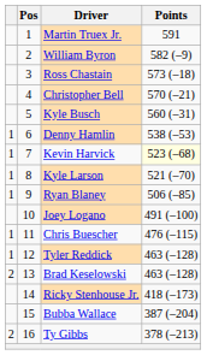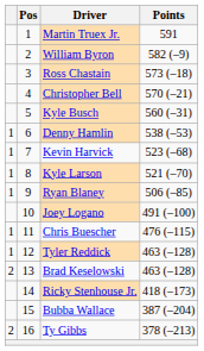 <table class="wikitable" style="font-size: 95%;">
 <tr>
 <th></th>
 <th>Pos</th>
 <th>Driver</th>
 <th>Points</th>
 </tr>
 <tr>
 <td align="left"></td>
 <td style="text-align:center;">1</td>
 <td style="background:#FFDEAD;"><a href='#'>Martin Truex Jr.</a></td>
 <td style="text-align:center;">591</td>
 </tr>
 <tr>
 <td align="left"></td>
 <td style="text-align:center;">2</td>
 <td style="background:#FFDEAD;"><a href='#'>William Byron</a></td>
 <td style="text-align:center;">582 (–9)</td>
 </tr>
 <tr>
 <td align="left"></td>
 <td style="text-align:center;">3</td>
 <td style="background:#FFDEAD;"><a href='#'>Ross Chastain</a></td>
 <td style="text-align:center;">573 (–18)</td>
 </tr>
 <tr>
 <td align="left"></td>
 <td style="text-align:center;">4</td>
 <td style="background:#FFDEAD;"><a href='#'>Christopher Bell</a></td>
 <td style="text-align:center;">570 (–21)</td>
 </tr>
 <tr>
 <td align="left"></td>
 <td style="text-align:center;">5</td>
 <td style="background:#FFDEAD;"><a href='#'>Kyle Busch</a></td>
 <td style="text-align:center;">560 (–31)</td>
 </tr>
 <tr>
 <td align="left"> 1</td>
 <td style="text-align:center;">6</td>
 <td style="background:#FFDEAD;"><a href='#'>Denny Hamlin</a></td>
 <td style="text-align:center;">538 (–53)</td>
 </tr>
 <tr>
 <td align="left"> 1</td>
 <td style="text-align:center;">7</td>
 <td><a href='#'>Kevin Harvick</a></td>
-<td style="background: lightyellow; text-align:center;">523 (–68)</td>
+<td style="text-align:center;">523 (–68)</td>
 </tr>
 <tr>
 <td align="left"> 1</td>
 <td style="text-align:center;">8</td>
 <td style="background:#FFDEAD;"><a href='#'>Kyle Larson</a></td>
 <td style="text-align:center;">521 (–70)</td>
 </tr>
 <tr>
 <td align="left"> 1</td>
 <td style="text-align:center;">9</td>
 <td style="background:#FFDEAD;"><a href='#'>Ryan Blaney</a></td>
 <td style="text-align:center;">506 (–85)</td>
 </tr>
 <tr>
 <td align="left"></td>
 <td style="text-align:center;">10</td>
 <td style="background:#FFDEAD;"><a href='#'>Joey Logano</a></td>
 <td style="text-align:center;">491 (–100)</td>
 </tr>
 <tr>
 <td align="left"> 1</td>
 <td style="text-align:center;">11</td>
 <td><a href='#'>Chris Buescher</a></td>
 <td style="text-align:center;">476 (–115)</td>
 </tr>
 <tr>
 <td align="left"> 1</td>
 <td style="text-align:center;">12</td>
 <td style="background:#FFDEAD;"><a href='#'>Tyler Reddick</a></td>
 <td style="text-align:center;">463 (–128)</td>
 </tr>
 <tr>
 <td align="left"> 2</td>
 <td style="text-align:center;">13</td>
 <td><a href='#'>Brad Keselowski</a></td>
 <td style="text-align:center;">463 (–128)</td>
 </tr>
 <tr>
 <td align="left"></td>
 <td style="text-align:center;">14</td>
 <td style="background:#FFDEAD;"><a href='#'>Ricky Stenhouse Jr.</a></td>
 <td style="text-align:center;">418 (–173)</td>
 </tr>
 <tr>
 <td align="left"></td>
 <td style="text-align:center;">15</td>
 <td><a href='#'>Bubba Wallace</a></td>
 <td style="text-align:center;">387 (–204)</td>
 </tr>
 <tr>
 <td align="left"> 2</td>
 <td style="text-align:center;">16</td>
 <td><a href='#'>Ty Gibbs</a></td>
 <td style="text-align:center;">378 (–213)</td>
 </tr>
 <tr class="sortbottom">
 <th colspan="9"></th>
 </tr>
 </table>
